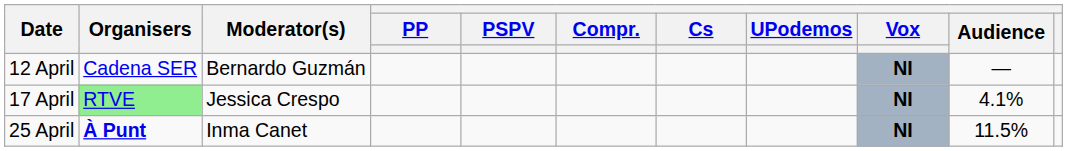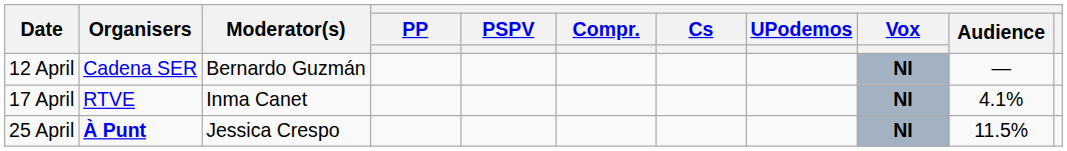 <table class="wikitable" style="text-align:center;">
 <tr>
 <th rowspan="3">Date</th>
 <th rowspan="3">Organisers</th>
 <th rowspan="3">Moderator(s)</th>
 <th colspan="8">        </th>
 </tr>
 <tr>
 <th scope="col" style="width:5em;"><a href='#'>PP</a></th>
 <th scope="col" style="width:5em;"><a href='#'>PSPV</a></th>
 <th scope="col" style="width:5em;"><a href='#'>Compr.</a></th>
 <th scope="col" style="width:5em;"><a href='#'>Cs</a></th>
 <th scope="col" style="width:5em;"><a href='#'>UPodemos</a></th>
 <th scope="col" style="width:5em;"><a href='#'>Vox</a></th>
 <th rowspan="2" scope="col" style="width:5em;">Audience</th>
 <th rowspan="2"></th>
 </tr>
 <tr>
 <th style="color:inherit;background:"></th>
 <th style="color:inherit;background:"></th>
 <th style="color:inherit;background:"></th>
 <th style="color:inherit;background:"></th>
 <th style="color:inherit;background:"></th>
 <th style="color:inherit;background:"></th>
 </tr>
 <tr>
 <td style="white-space:nowrap; text-align:left;">12 April</td>
 <td style="white-space:nowrap; text-align:left;"><a href='#'>Cadena SER</a></td>
 <td style="white-space:nowrap; text-align:left;">Bernardo Guzmán</td>
 <td></td>
 <td></td>
 <td></td>
 <td></td>
 <td></td>
 <td style="background:#A2B2C2;"><strong>NI</strong></td>
 <td>—</td>
 <td></td>
 </tr>
 <tr>
 <td style="white-space:nowrap; text-align:left;">17 April</td>
-<td style="background: lightgreen; white-space:nowrap; text-align:left;"><a href='#'>RTVE</a></td>
-<td style="white-space:nowrap; text-align:left;">Jessica Crespo</td>
+<td style="white-space:nowrap; text-align:left;"><a href='#'>RTVE</a></td>
+<td style="white-space:nowrap; text-align:left;">Inma Canet</td>
 <td></td>
 <td></td>
 <td></td>
 <td></td>
 <td></td>
 <td style="background:#A2B2C2;"><strong>NI</strong></td>
 <td>4.1%<br></td>
 <td><br></td>
 </tr>
 <tr>
 <td style="white-space:nowrap; text-align:left;">25 April</td>
 <td style="white-space:nowrap; text-align:left;"><strong><a href='#'>À Punt</a></strong></td>
-<td style="white-space:nowrap; text-align:left;">Inma Canet</td>
+<td style="white-space:nowrap; text-align:left;">Jessica Crespo</td>
 <td></td>
 <td></td>
 <td></td>
 <td></td>
 <td></td>
 <td style="background:#A2B2C2;"><strong>NI</strong></td>
 <td>11.5%<br></td>
 <td><br></td>
 </tr>
 </table>
